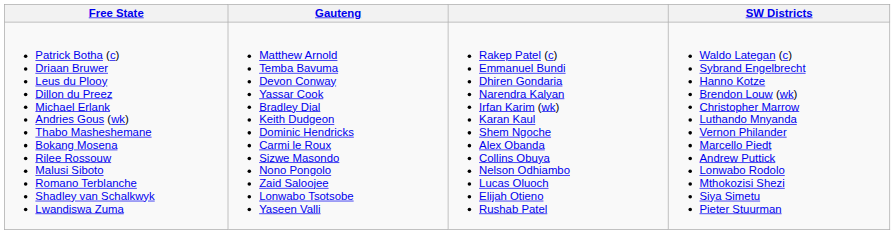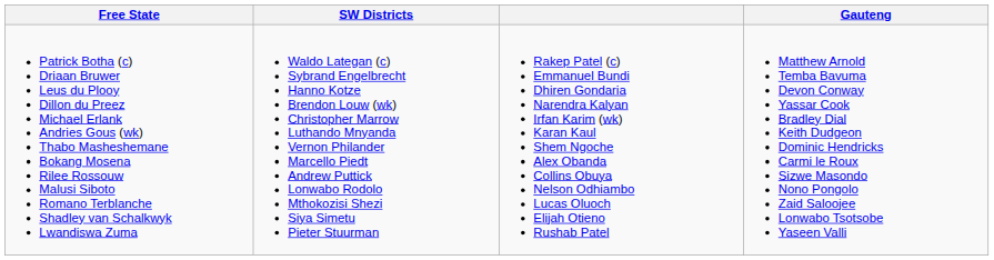 <table class="wikitable">
 <tr>
 <th width=330> <a href='#'>Free State</a><br><small></small></th>
+<th width=330> <a href='#'>SW Districts</a><br><small></small></th>
+<th width=330><br><small></small></th>
 <th width=330> <a href='#'>Gauteng</a><br><small></small></th>
-<th width=330><br><small></small></th>
-<th width=330> <a href='#'>SW Districts</a><br><small></small></th>
 </tr>
 <tr>
 <td valign=top><br><ul><li><a href='#'>Patrick Botha</a> (<a href='#'>c</a>)</li><li><a href='#'>Driaan Bruwer</a></li><li><a href='#'>Leus du Plooy</a></li><li><a href='#'>Dillon du Preez</a></li><li><a href='#'>Michael Erlank</a></li><li><a href='#'>Andries Gous</a> (<a href='#'>wk</a>)</li><li><a href='#'>Thabo Masheshemane</a></li><li><a href='#'>Bokang Mosena</a></li><li><a href='#'>Rilee Rossouw</a></li><li><a href='#'>Malusi Siboto</a></li><li><a href='#'>Romano Terblanche</a></li><li><a href='#'>Shadley van Schalkwyk</a></li><li><a href='#'>Lwandiswa Zuma</a></li></ul></td>
+<td valign=top><br><ul><li><a href='#'>Waldo Lategan</a> (<a href='#'>c</a>)</li><li><a href='#'>Sybrand Engelbrecht</a></li><li><a href='#'>Hanno Kotze</a></li><li><a href='#'>Brendon Louw</a> (<a href='#'>wk</a>)</li><li><a href='#'>Christopher Marrow</a></li><li><a href='#'>Luthando Mnyanda</a></li><li><a href='#'>Vernon Philander</a></li><li><a href='#'>Marcello Piedt</a></li><li><a href='#'>Andrew Puttick</a></li><li><a href='#'>Lonwabo Rodolo</a></li><li><a href='#'>Mthokozisi Shezi</a></li><li><a href='#'>Siya Simetu</a></li><li><a href='#'>Pieter Stuurman</a></li></ul></td>
+<td valign=top><br><ul><li><a href='#'>Rakep Patel</a> (<a href='#'>c</a>)</li><li><a href='#'>Emmanuel Bundi</a></li><li><a href='#'>Dhiren Gondaria</a></li><li><a href='#'>Narendra Kalyan</a></li><li><a href='#'>Irfan Karim</a> (<a href='#'>wk</a>)</li><li><a href='#'>Karan Kaul</a></li><li><a href='#'>Shem Ngoche</a></li><li><a href='#'>Alex Obanda</a></li><li><a href='#'>Collins Obuya</a></li><li><a href='#'>Nelson Odhiambo</a></li><li><a href='#'>Lucas Oluoch</a></li><li><a href='#'>Elijah Otieno</a></li><li><a href='#'>Rushab Patel</a></li></ul></td>
 <td valign=top><br><ul><li><a href='#'>Matthew Arnold</a></li><li><a href='#'>Temba Bavuma</a></li><li><a href='#'>Devon Conway</a></li><li><a href='#'>Yassar Cook</a></li><li><a href='#'>Bradley Dial</a></li><li><a href='#'>Keith Dudgeon</a></li><li><a href='#'>Dominic Hendricks</a></li><li><a href='#'>Carmi le Roux</a></li><li><a href='#'>Sizwe Masondo</a></li><li><a href='#'>Nono Pongolo</a></li><li><a href='#'>Zaid Saloojee</a></li><li><a href='#'>Lonwabo Tsotsobe</a></li><li><a href='#'>Yaseen Valli</a></li></ul></td>
-<td valign=top><br><ul><li><a href='#'>Rakep Patel</a> (<a href='#'>c</a>)</li><li><a href='#'>Emmanuel Bundi</a></li><li><a href='#'>Dhiren Gondaria</a></li><li><a href='#'>Narendra Kalyan</a></li><li><a href='#'>Irfan Karim</a> (<a href='#'>wk</a>)</li><li><a href='#'>Karan Kaul</a></li><li><a href='#'>Shem Ngoche</a></li><li><a href='#'>Alex Obanda</a></li><li><a href='#'>Collins Obuya</a></li><li><a href='#'>Nelson Odhiambo</a></li><li><a href='#'>Lucas Oluoch</a></li><li><a href='#'>Elijah Otieno</a></li><li><a href='#'>Rushab Patel</a></li></ul></td>
-<td valign=top><br><ul><li><a href='#'>Waldo Lategan</a> (<a href='#'>c</a>)</li><li><a href='#'>Sybrand Engelbrecht</a></li><li><a href='#'>Hanno Kotze</a></li><li><a href='#'>Brendon Louw</a> (<a href='#'>wk</a>)</li><li><a href='#'>Christopher Marrow</a></li><li><a href='#'>Luthando Mnyanda</a></li><li><a href='#'>Vernon Philander</a></li><li><a href='#'>Marcello Piedt</a></li><li><a href='#'>Andrew Puttick</a></li><li><a href='#'>Lonwabo Rodolo</a></li><li><a href='#'>Mthokozisi Shezi</a></li><li><a href='#'>Siya Simetu</a></li><li><a href='#'>Pieter Stuurman</a></li></ul></td>
 </tr>
 </table>
